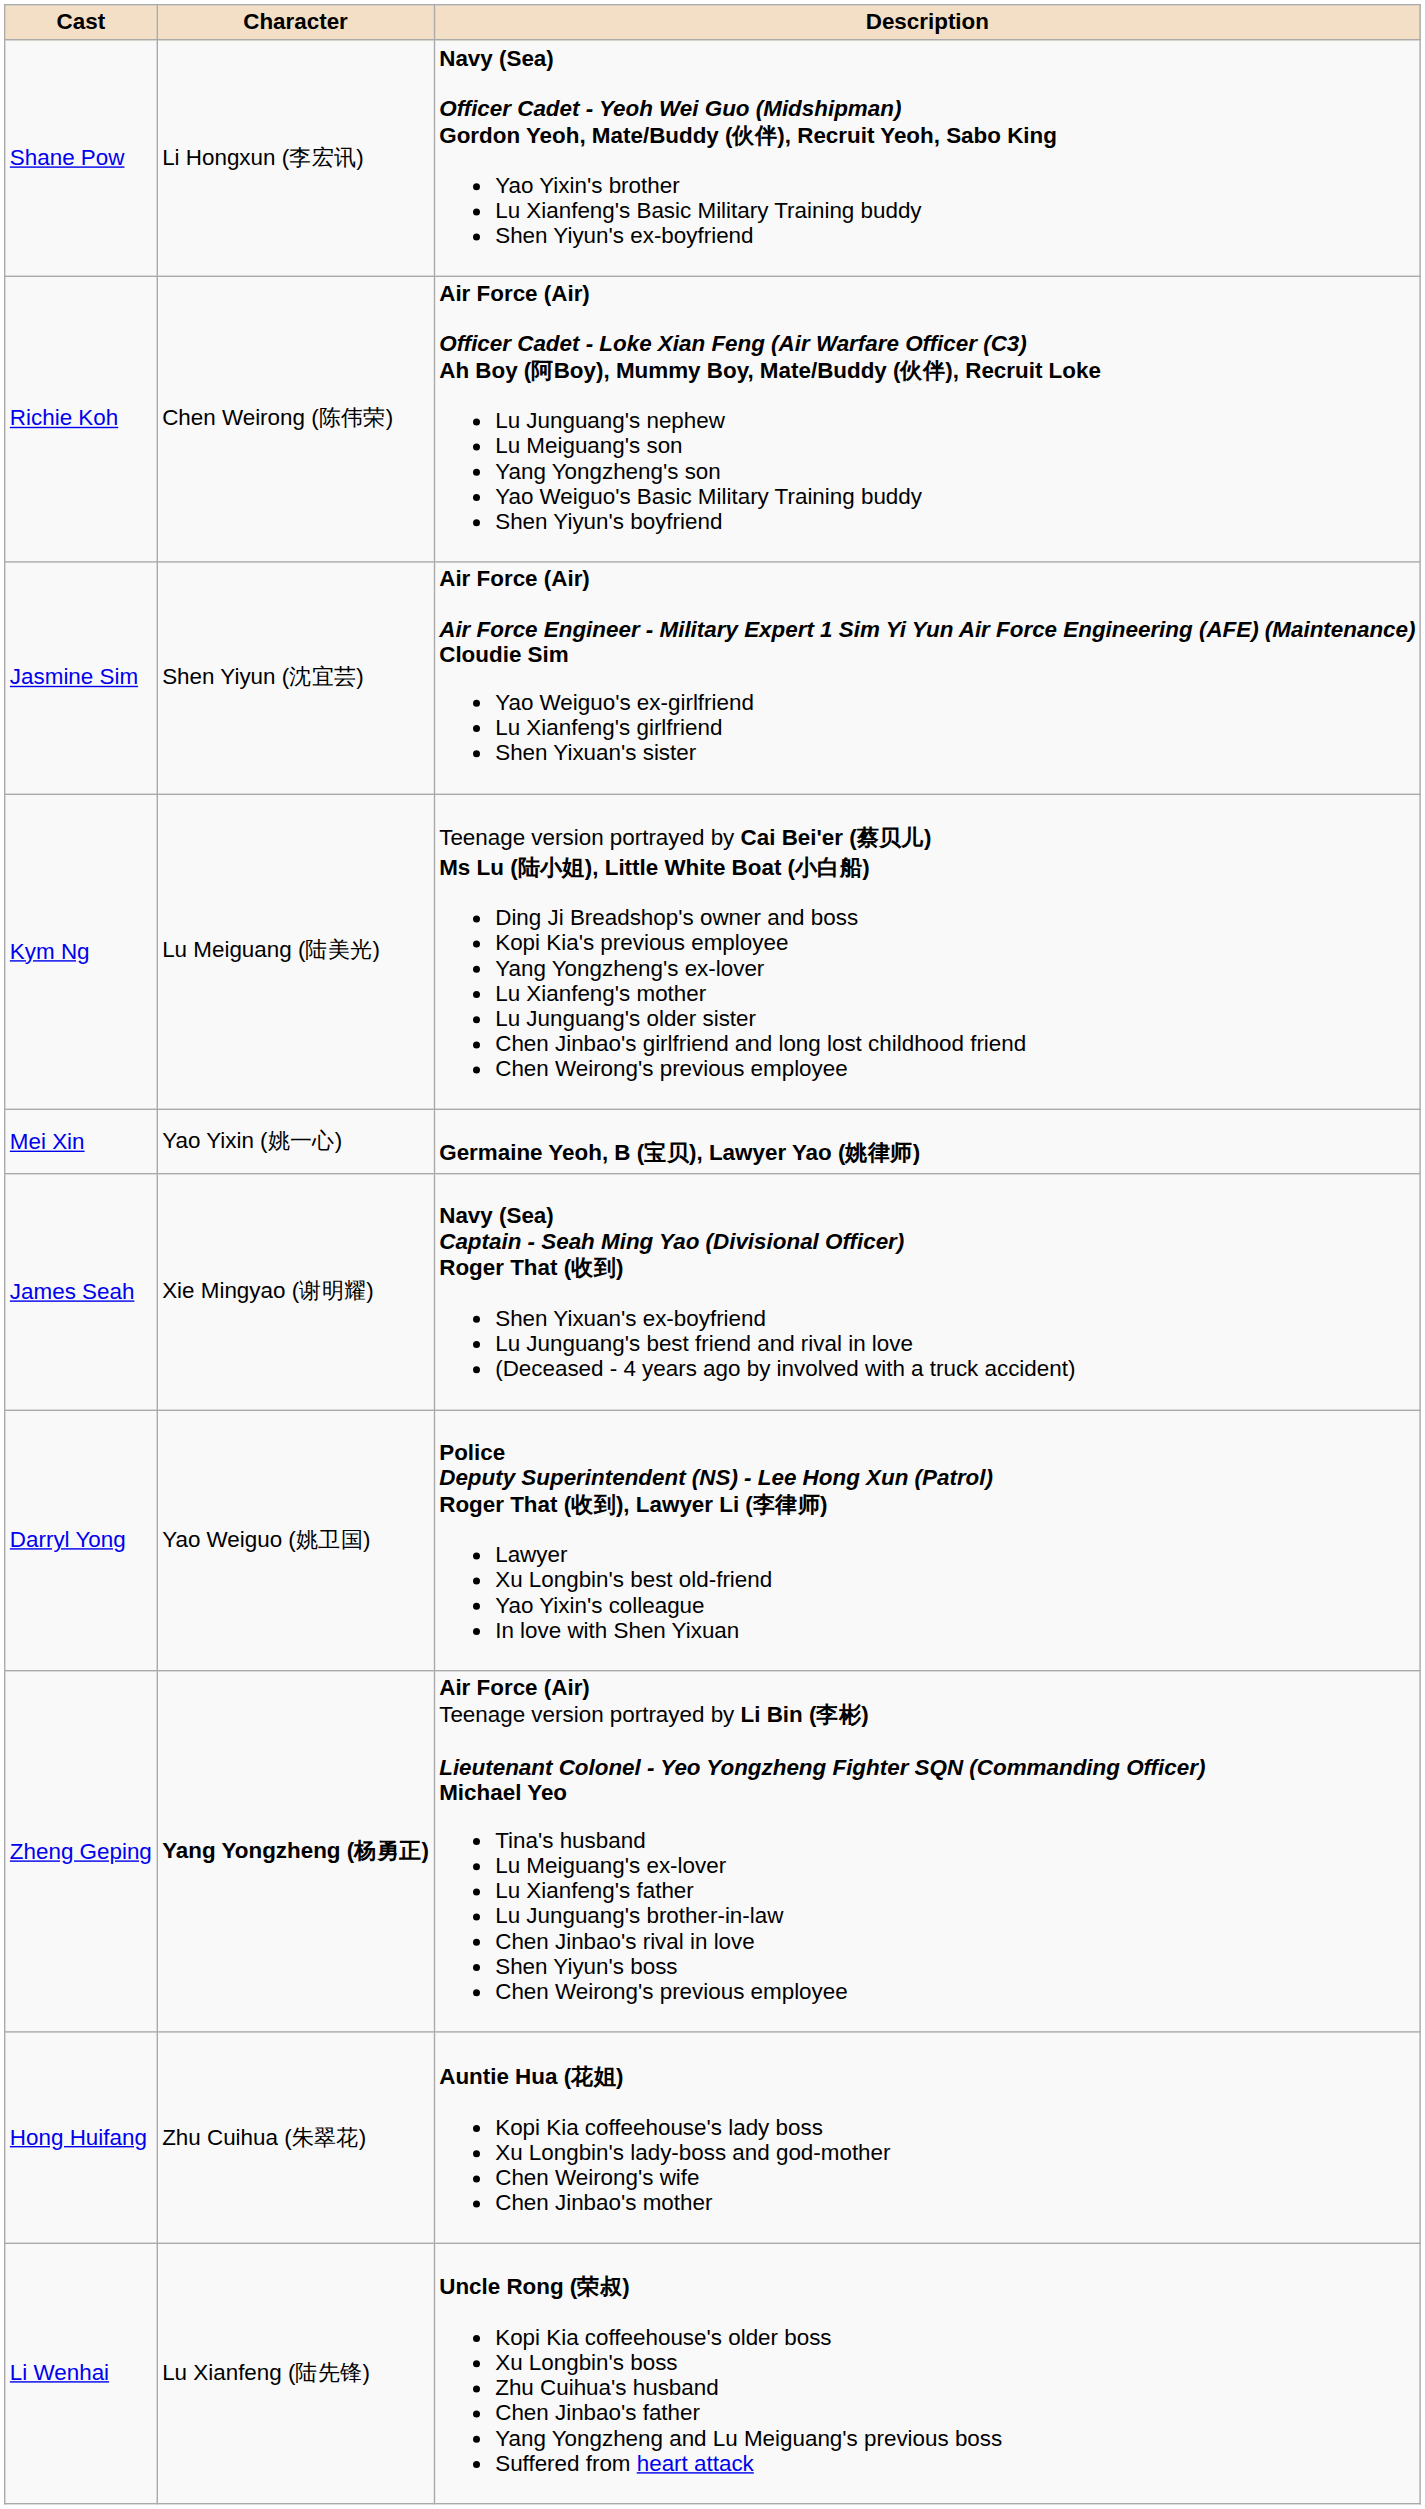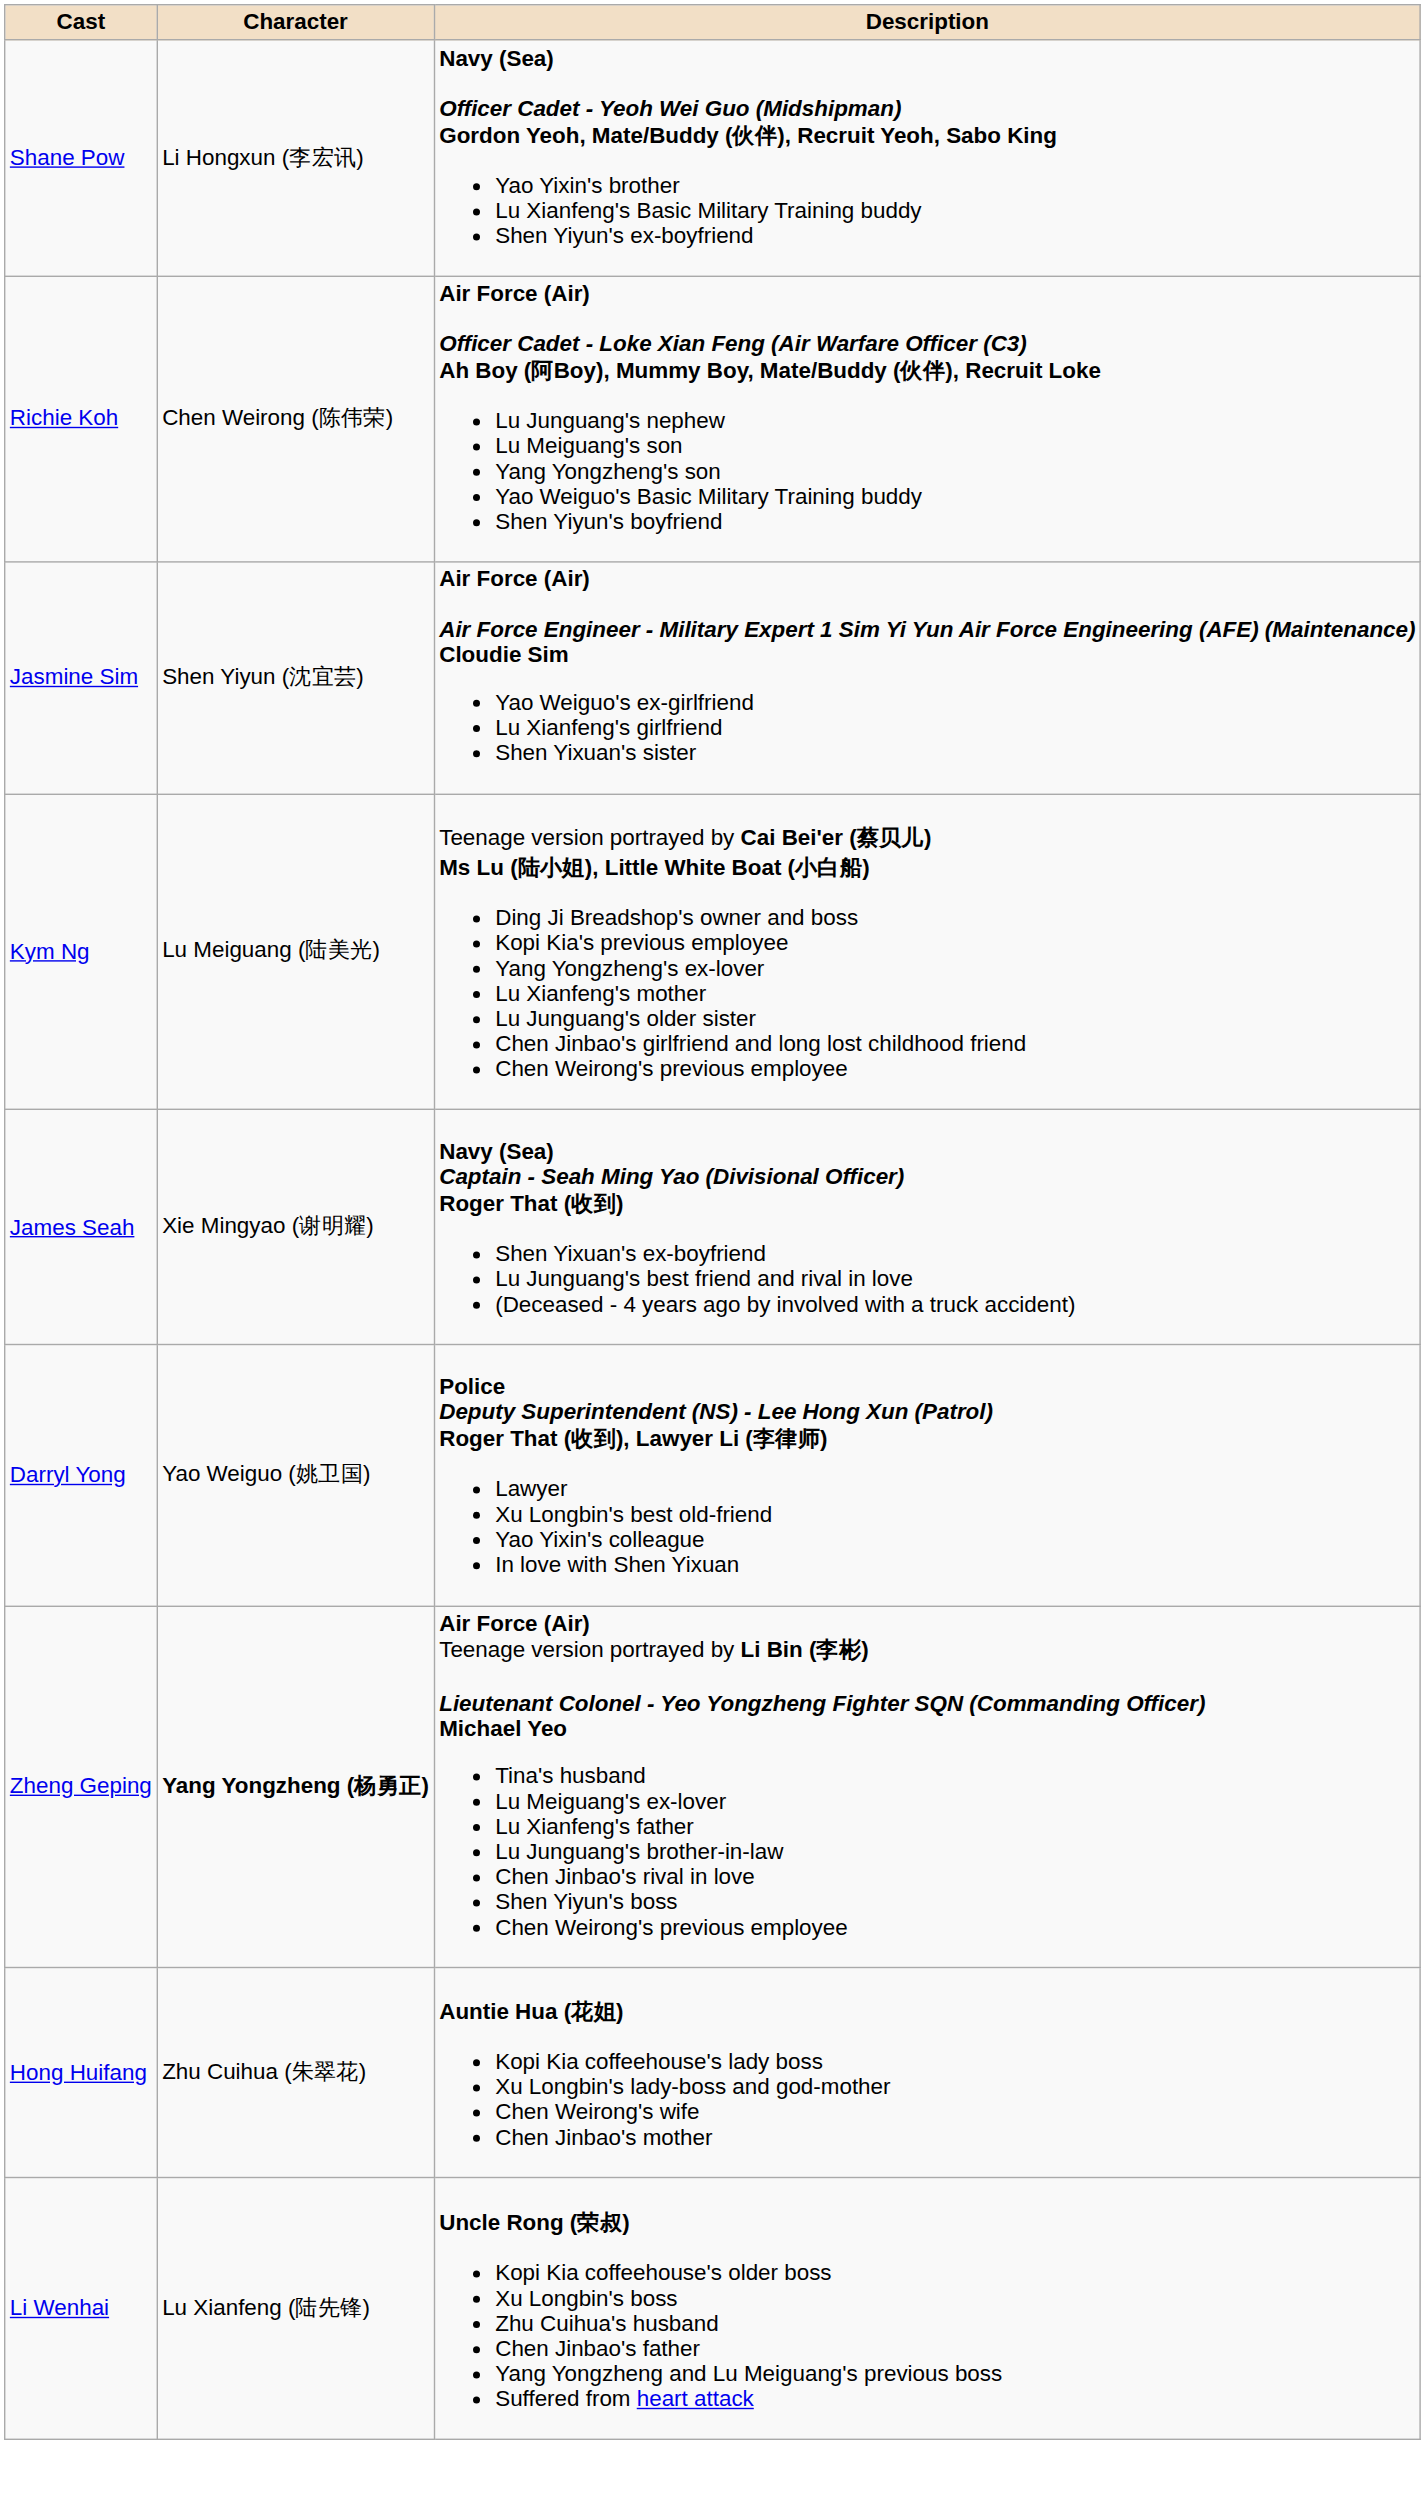 <table class="wikitable">
 <tr>
 <th style="background:#f2dfc6">Cast</th>
 <th style="background:#f2dfc6">Character</th>
 <th style="background:#f2dfc6">Description</th>
 </tr>
 <tr>
 <td><a href='#'>Shane Pow</a></td>
 <td>Li Hongxun (李宏讯)</td>
 <td><strong>Navy (Sea)</strong> <br><br><strong><em>Officer Cadet - Yeoh Wei Guo (Midshipman)</em></strong> <br> <strong>Gordon Yeoh, Mate/Buddy (伙伴), Recruit Yeoh, Sabo King</strong><ul><li>Yao Yixin's brother</li><li>Lu Xianfeng's Basic Military Training buddy</li><li>Shen Yiyun's ex-boyfriend</li></ul></td>
 </tr>
 <tr>
 <td><a href='#'>Richie Koh</a></td>
 <td>Chen Weirong (陈伟荣)</td>
 <td><strong>Air Force (Air)</strong> <br><br><strong><em>Officer Cadet - Loke Xian Feng (Air Warfare Officer (C3) </em></strong> <br> <strong>Ah Boy (阿Boy), Mummy Boy, Mate/Buddy (伙伴), Recruit Loke</strong><ul><li>Lu Junguang's nephew</li><li>Lu Meiguang's son</li><li>Yang Yongzheng's son</li><li>Yao Weiguo's Basic Military Training buddy</li><li>Shen Yiyun's boyfriend</li></ul></td>
 </tr>
 <tr>
 <td><a href='#'>Jasmine Sim</a></td>
 <td>Shen Yiyun (沈宜芸)</td>
 <td><strong>Air Force (Air)</strong> <br><br><strong><em>Air Force Engineer - Military Expert 1 Sim Yi Yun Air Force Engineering (AFE) (Maintenance)</em></strong> <br> <strong>Cloudie Sim</strong><ul><li>Yao Weiguo's ex-girlfriend</li><li>Lu Xianfeng's girlfriend</li><li>Shen Yixuan's sister</li></ul></td>
 </tr>
 <tr>
 <td><a href='#'>Kym Ng</a></td>
 <td>Lu Meiguang (陆美光)</td>
 <td><br>Teenage version portrayed by <strong>Cai Bei'er (蔡贝儿)</strong> <br> <strong>Ms Lu (陆小姐), Little White Boat (小白船)</strong><ul><li>Ding Ji Breadshop's owner and boss</li><li>Kopi Kia's previous employee</li><li>Yang Yongzheng's ex-lover</li><li>Lu Xianfeng's mother</li><li>Lu Junguang's older sister</li><li>Chen Jinbao's girlfriend and long lost childhood friend</li><li>Chen Weirong's previous employee</li></ul></td>
 </tr>
 <tr>
-<td><a href='#'>Mei Xin</a></td>
-<td>Yao Yixin (姚一心)</td>
-<td><br><strong>Germaine Yeoh, B (宝贝), Lawyer Yao (姚律师)</strong></td>
-</tr>
-<tr>
 <td><a href='#'>James Seah</a></td>
 <td>Xie Mingyao (谢明耀)</td>
 <td><br><strong>Navy (Sea)</strong> <br> <strong><em>Captain - Seah Ming Yao (Divisional Officer)</em></strong> <br> <strong>Roger That (收到) </strong><ul><li>Shen Yixuan's ex-boyfriend</li><li>Lu Junguang's best friend and rival in love</li><li>(Deceased - 4 years ago by involved with a truck accident)</li></ul></td>
 </tr>
 <tr>
 <td><a href='#'>Darryl Yong</a></td>
 <td>Yao Weiguo (姚卫国)</td>
 <td><br><strong>Police</strong> <br> <strong><em>Deputy Superintendent (NS) - Lee Hong Xun (Patrol)</em></strong> <br> <strong>Roger That (收到), Lawyer Li (李律师)</strong><ul><li>Lawyer</li><li>Xu Longbin's best old-friend</li><li>Yao Yixin's colleague</li><li>In love with Shen Yixuan</li></ul></td>
 </tr>
 <tr>
 <td><a href='#'>Zheng Geping</a></td>
 <td><strong>Yang Yongzheng (杨勇正)</strong></td>
 <td><strong>Air Force (Air)</strong> <br>Teenage version portrayed by <strong>Li Bin (李彬)</strong> <br><br><strong><em>Lieutenant Colonel - Yeo Yongzheng Fighter SQN (Commanding Officer)</em></strong> <br> <strong>Michael Yeo</strong><ul><li>Tina's husband</li><li>Lu Meiguang's ex-lover</li><li>Lu Xianfeng's father</li><li>Lu Junguang's brother-in-law</li><li>Chen Jinbao's rival in love</li><li>Shen Yiyun's boss</li><li>Chen Weirong's previous employee</li></ul></td>
 </tr>
 <tr>
 <td><a href='#'>Hong Huifang</a></td>
 <td>Zhu Cuihua (朱翠花)</td>
 <td><br><strong>Auntie Hua (花姐)</strong><ul><li>Kopi Kia coffeehouse's lady boss</li><li>Xu Longbin's lady-boss and god-mother</li><li>Chen Weirong's wife</li><li>Chen Jinbao's mother</li></ul></td>
 </tr>
 <tr>
 <td><a href='#'>Li Wenhai</a></td>
 <td>Lu Xianfeng (陆先锋)</td>
 <td><br><strong>Uncle Rong (荣叔)</strong><ul><li>Kopi Kia coffeehouse's older boss</li><li>Xu Longbin's boss</li><li>Zhu Cuihua's husband</li><li>Chen Jinbao's father</li><li>Yang Yongzheng and Lu Meiguang's previous boss</li><li>Suffered from <a href='#'>heart attack</a></li></ul></td>
 </tr>
 </table>
